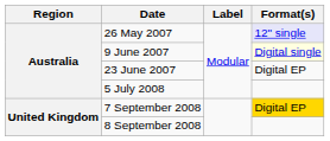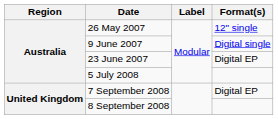 <table class="wikitable plainrowheaders">
 <tr>
 <th scope="col">Region</th>
 <th scope="col">Date</th>
 <th scope="col">Label</th>
 <th scope="col">Format(s)</th>
 </tr>
 <tr>
 <th scope="row" rowspan="4">Australia</th>
 <td>26 May 2007</td>
 <td rowspan="4"><a href='#'>Modular</a></td>
-<td style="background: lavender;"><a href='#'>12" single</a></td>
+<td><a href='#'>12" single</a></td>
 </tr>
 <tr>
 <td>9 June 2007</td>
-<td style="background: lightyellow;"><a href='#'>Digital single</a></td>
+<td><a href='#'>Digital single</a></td>
 </tr>
 <tr>
 <td>23 June 2007</td>
 <td>Digital EP</td>
 </tr>
 <tr>
 <td>5 July 2008</td>
 <td></td>
 </tr>
 <tr>
 <th scope="row" rowspan="2">United Kingdom</th>
 <td>7 September 2008</td>
 <td rowspan="2"></td>
-<td style="background: gold;">Digital EP</td>
+<td>Digital EP</td>
 </tr>
 <tr>
 <td>8 September 2008</td>
 <td></td>
 </tr>
 </table>
